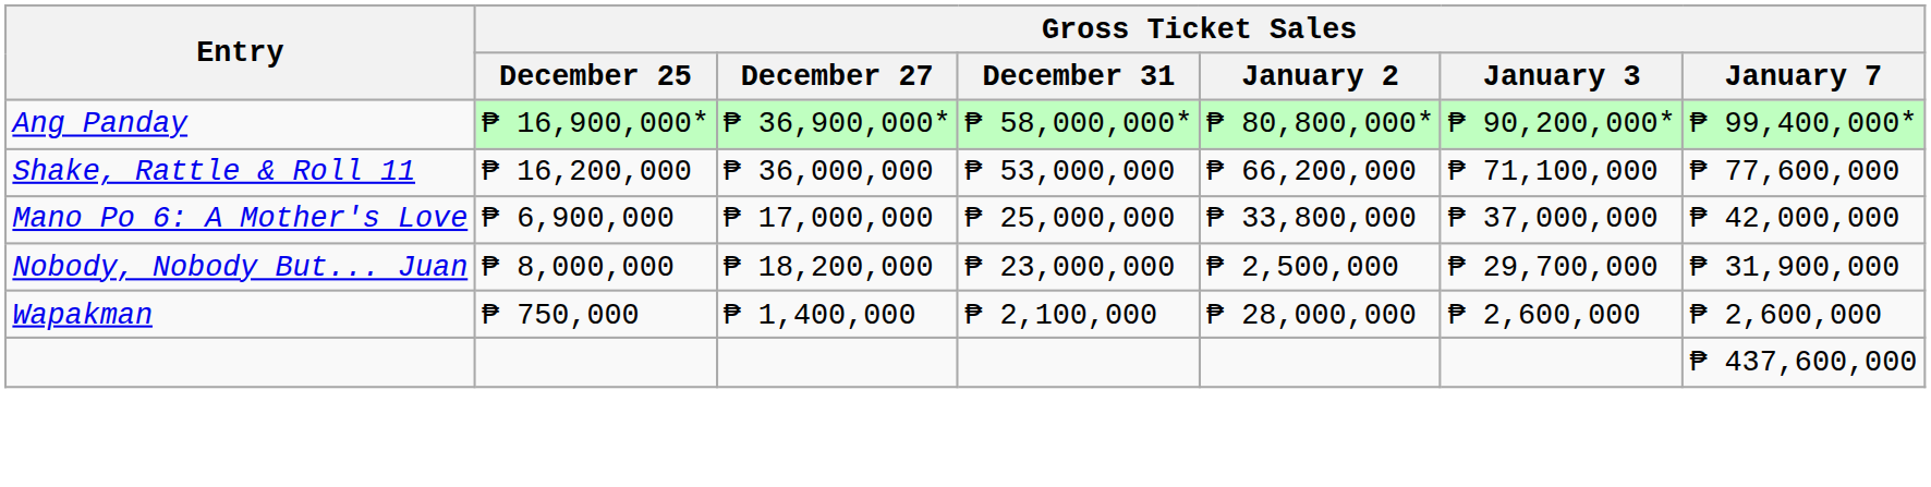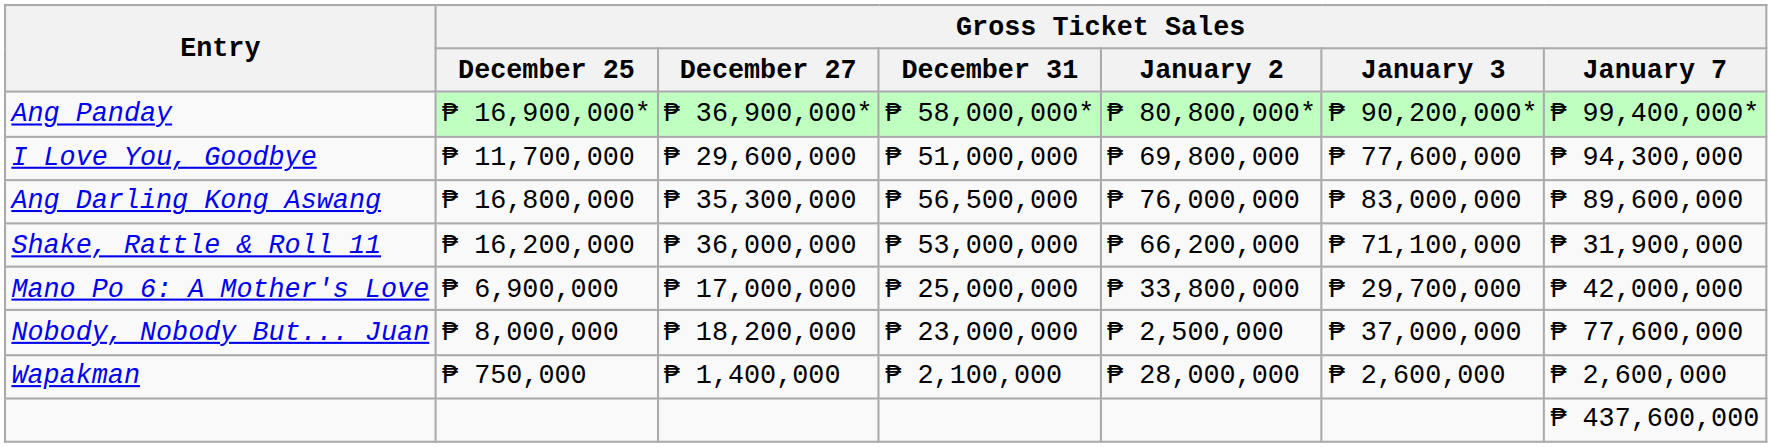 <table class="wikitable sortable" style="text align: center">
 <tr bgcolor="#efefef">
 <th rowspan=2>Entry</th>
 <th colspan=6>Gross Ticket Sales</th>
 </tr>
 <tr>
 <th>December 25</th>
 <th>December 27</th>
 <th>December 31</th>
 <th>January 2</th>
 <th>January 3</th>
 <th>January 7</th>
 </tr>
 <tr>
 <td><em><a href='#'>Ang Panday</a></em></td>
 <td data-sort-value="1" style="background:#BFFFC0;">₱ 16,900,000*</td>
 <td data-sort-value="1" style="background:#BFFFC0;">₱ 36,900,000*</td>
 <td data-sort-value="1" style="background:#BFFFC0;">₱ 58,000,000*</td>
 <td data-sort-value="1" style="background:#BFFFC0;">₱ 80,800,000*</td>
 <td data-sort-value="1" style="background:#BFFFC0;">₱ 90,200,000*</td>
 <td data-sort-value="1" style="background:#BFFFC0;">₱ 99,400,000*</td>
 </tr>
 <tr>
+<td><em><a href='#'>I Love You, Goodbye</a></em></td>
+<td data-sort-value="4">₱ 11,700,000</td>
+<td data-sort-value="4">₱ 29,600,000</td>
+<td data-sort-value="4">₱ 51,000,000</td>
+<td data-sort-value="3">₱ 69,800,000</td>
+<td data-sort-value="3">₱ 77,600,000</td>
+<td data-sort-value="2">₱ 94,300,000</td>
+</tr>
+<tr>
+<td><em><a href='#'>Ang Darling Kong Aswang</a></em></td>
+<td data-sort-value="2">₱ 16,800,000</td>
+<td data-sort-value="3">₱ 35,300,000</td>
+<td data-sort-value="2">₱ 56,500,000</td>
+<td data-sort-value="2">₱ 76,000,000</td>
+<td data-sort-value="2">₱ 83,000,000</td>
+<td data-sort-value="3">₱ 89,600,000</td>
+</tr>
+<tr>
 <td><em><a href='#'>Shake, Rattle & Roll 11</a></em></td>
 <td data-sort-value="3">₱ 16,200,000</td>
 <td data-sort-value="2">₱ 36,000,000</td>
 <td data-sort-value="3">₱ 53,000,000</td>
 <td data-sort-value="4">₱ 66,200,000</td>
 <td data-sort-value="4">₱ 71,100,000</td>
-<td data-sort-value="4">₱ 77,600,000</td>
+<td data-sort-value="6">₱ 31,900,000</td>
 </tr>
 <tr>
 <td><em><a href='#'>Mano Po 6: A Mother's Love</a></em></td>
 <td data-sort-value="6">₱ 6,900,000</td>
 <td data-sort-value="6">₱ 17,000,000</td>
 <td data-sort-value="5">₱ 25,000,000</td>
 <td data-sort-value="5">₱ 33,800,000</td>
-<td data-sort-value="5">₱ 37,000,000</td>
+<td data-sort-value="6">₱ 29,700,000</td>
 <td data-sort-value="5">₱ 42,000,000</td>
 </tr>
 <tr>
 <td><em><a href='#'>Nobody, Nobody But... Juan</a></em></td>
 <td data-sort-value="5">₱ 8,000,000</td>
 <td data-sort-value="5">₱ 18,200,000</td>
 <td data-sort-value="6">₱ 23,000,000</td>
 <td data-sort-value="7">₱ 2,500,000</td>
-<td data-sort-value="6">₱ 29,700,000</td>
-<td data-sort-value="6">₱ 31,900,000</td>
+<td data-sort-value="5">₱ 37,000,000</td>
+<td data-sort-value="4">₱ 77,600,000</td>
 </tr>
 <tr>
 <td><em><a href='#'>Wapakman</a></em></td>
 <td data-sort-value="7">₱ 750,000</td>
 <td data-sort-value="7">₱ 1,400,000</td>
 <td data-sort-value="7">₱ 2,100,000</td>
 <td data-sort-value="6">₱ 28,000,000</td>
 <td data-sort-value="7">₱ 2,600,000</td>
 <td data-sort-value="7">₱ 2,600,000</td>
 </tr>
 <tr>
 <td></td>
 <td></td>
 <td></td>
 <td></td>
 <td></td>
 <td><strong></strong></td>
 <td>₱ 437,600,000</td>
 </tr>
 </table>
